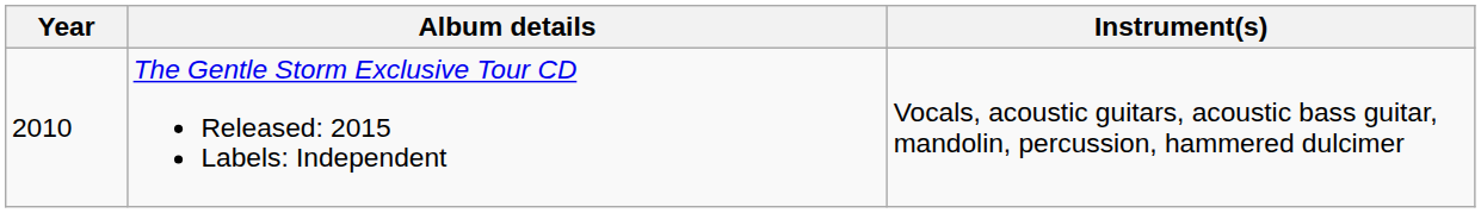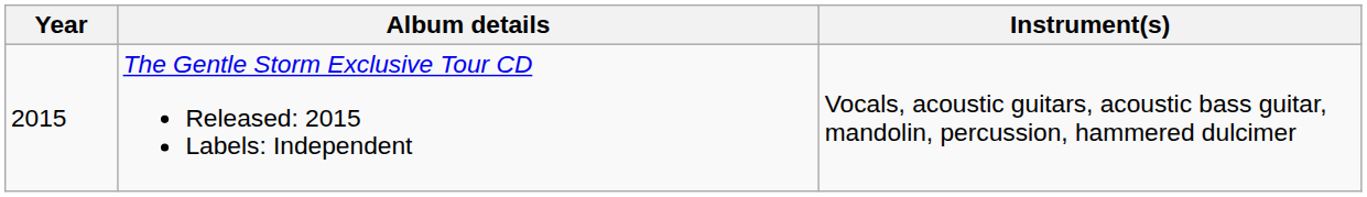 <table class="wikitable">
 <tr>
 <th>Year</th>
 <th>Album details</th>
 <th width=40%>Instrument(s)</th>
 </tr>
 <tr>
-<td>2010</td>
+<td>2015</td>
 <td><em><a href='#'>The Gentle Storm Exclusive Tour CD</a></em><br><ul><li>Released: 2015</li><li>Labels: Independent</li></ul></td>
 <td>Vocals, acoustic guitars, acoustic bass guitar, mandolin, percussion, hammered dulcimer</td>
 </tr>
 </table>
